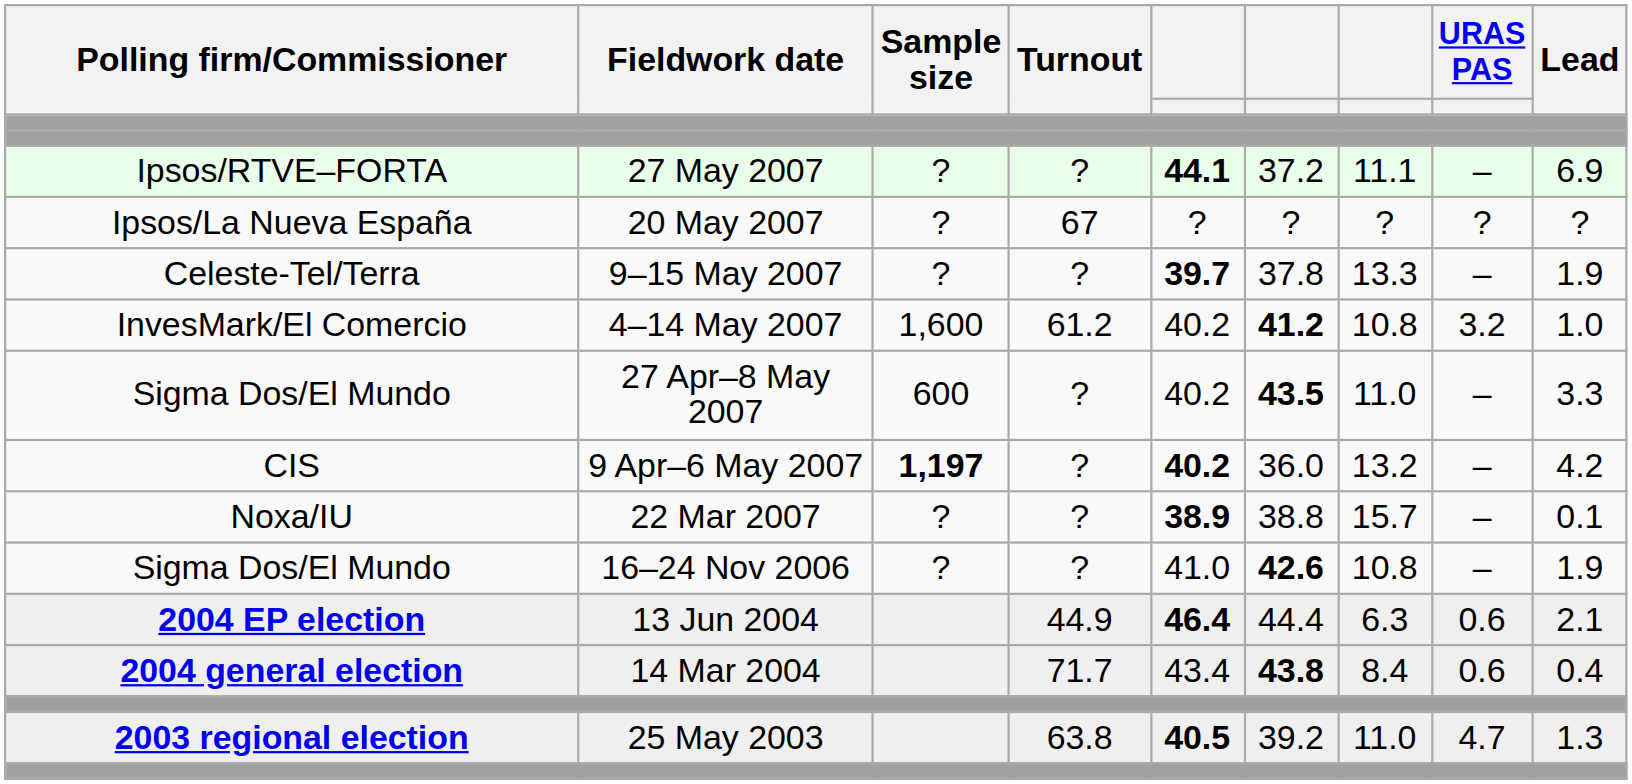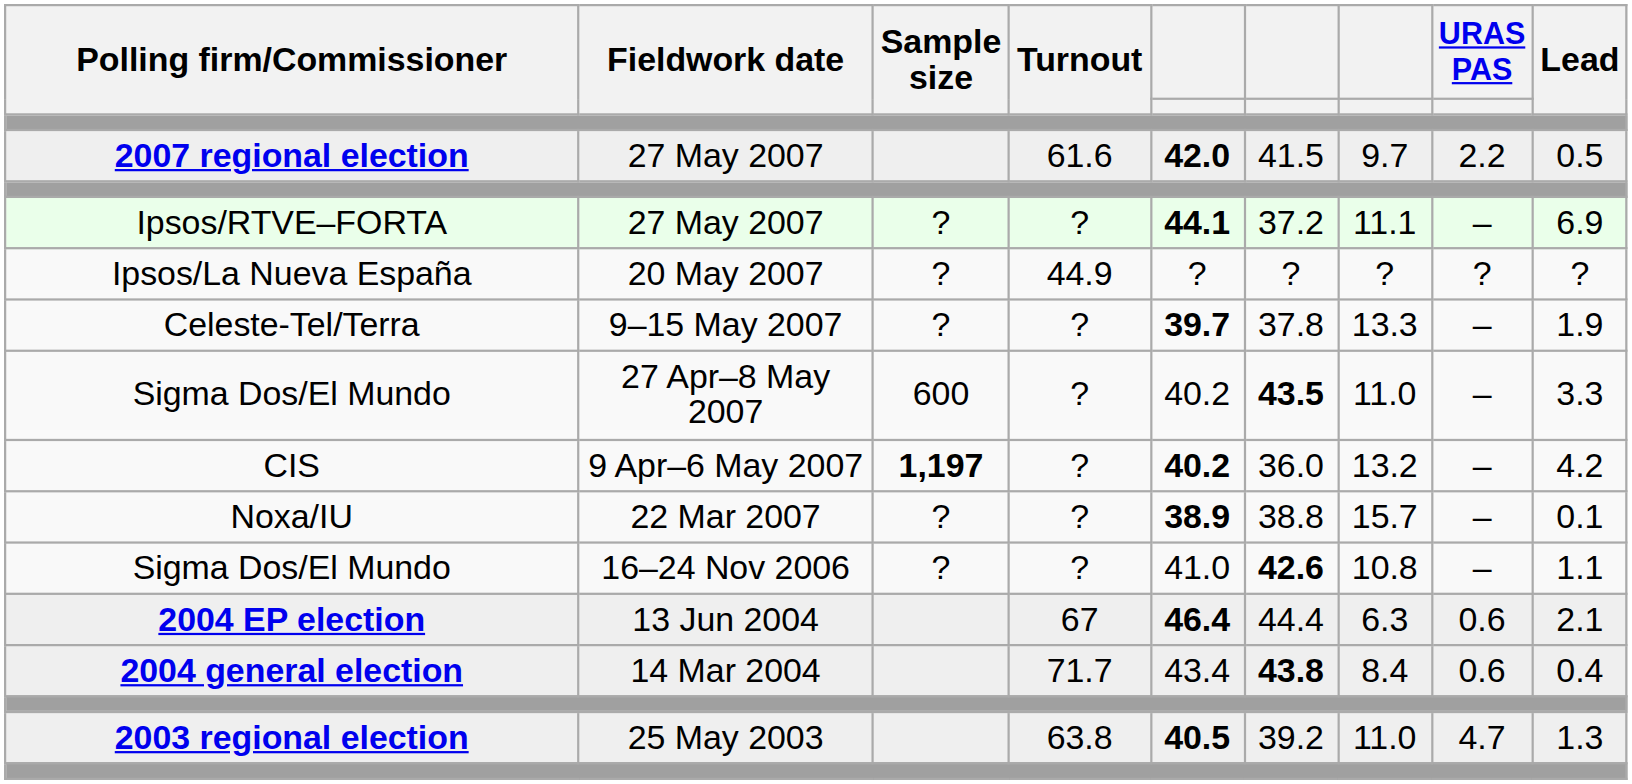 <table class="wikitable collapsible collapsed" style="text-align:center; font-size:95%; line-height:16px;">
 <tr style="height:42px;">
 <th style="width:250px;" rowspan="2">Polling firm/Commissioner</th>
 <th style="width:125px;" rowspan="2">Fieldwork date</th>
 <th style="width:50px;" rowspan="2">Sample size</th>
 <th style="width:45px;" rowspan="2">Turnout</th>
 <th style="width:35px;"></th>
 <th style="width:35px;"></th>
 <th style="width:35px;"></th>
 <th style="width:35px; font-size:90%;"><a href='#'>URAS</a><br><a href='#'>PAS</a></th>
 <th style="width:30px;" rowspan="2">Lead</th>
 </tr>
 <tr>
 <th style="color:inherit;background:"></th>
 <th style="color:inherit;background:"></th>
 <th style="color:inherit;background:"></th>
 <th style="color:inherit;background:"></th>
 </tr>
 <tr>
 <td colspan="9" style="background:#A0A0A0"></td>
 </tr>
+<tr style="background:#EFEFEF;">
+<td><strong><a href='#'>2007 regional election</a></strong></td>
+<td>27 May 2007</td>
+<td></td>
+<td>61.6</td>
+<td><strong>42.0</strong><br></td>
+<td>41.5<br></td>
+<td>9.7<br></td>
+<td>2.2<br></td>
+<td style="background:">0.5</td>
+</tr>
 <tr>
 <td colspan="9" style="background:#A0A0A0"></td>
 </tr>
 <tr style="background:#EAFFEA;">
 <td>Ipsos/RTVE–FORTA</td>
 <td>27 May 2007</td>
 <td>?</td>
 <td>?</td>
 <td><strong>44.1</strong><br></td>
 <td>37.2<br></td>
 <td>11.1<br></td>
 <td>–</td>
 <td style="background:">6.9</td>
 </tr>
 <tr>
 <td>Ipsos/La Nueva España</td>
 <td>20 May 2007</td>
 <td>?</td>
-<td>67</td>
+<td>44.9</td>
 <td>?<br></td>
 <td>?<br></td>
 <td>?<br></td>
 <td>?<br></td>
 <td style="background:">?</td>
 </tr>
 <tr>
 <td>Celeste-Tel/Terra</td>
 <td>9–15 May 2007</td>
 <td>?</td>
 <td>?</td>
 <td><strong>39.7</strong><br></td>
 <td>37.8<br></td>
 <td>13.3<br></td>
 <td>–</td>
 <td style="background:">1.9</td>
-</tr>
-<tr>
-<td>InvesMark/El Comercio</td>
-<td>4–14 May 2007</td>
-<td>1,600</td>
-<td>61.2</td>
-<td>40.2<br></td>
-<td><strong>41.2</strong><br></td>
-<td>10.8<br></td>
-<td>3.2<br></td>
-<td style="background:">1.0</td>
 </tr>
 <tr>
 <td>Sigma Dos/El Mundo</td>
 <td>27 Apr–8 May 2007</td>
 <td>600</td>
 <td>?</td>
 <td>40.2<br></td>
 <td><strong>43.5</strong><br></td>
 <td>11.0<br></td>
 <td>–</td>
 <td style="background:">3.3</td>
 </tr>
 <tr>
 <td>CIS</td>
 <td>9 Apr–6 May 2007</td>
 <td><strong>1,197</strong></td>
 <td>?</td>
 <td><strong>40.2</strong><br></td>
 <td>36.0<br></td>
 <td>13.2<br></td>
 <td>–</td>
 <td style="background:">4.2</td>
 </tr>
 <tr>
 <td>Noxa/IU</td>
 <td>22 Mar 2007</td>
 <td>?</td>
 <td>?</td>
 <td><strong>38.9</strong><br></td>
 <td>38.8<br></td>
 <td>15.7<br></td>
 <td>–</td>
 <td style="background:">0.1</td>
 </tr>
 <tr>
 <td>Sigma Dos/El Mundo</td>
 <td>16–24 Nov 2006</td>
 <td>?</td>
 <td>?</td>
 <td>41.0<br></td>
 <td><strong>42.6</strong><br></td>
 <td>10.8<br></td>
 <td>–</td>
-<td style="background:">1.9</td>
+<td style="background:">1.1</td>
 </tr>
 <tr style="background:#EFEFEF;">
 <td><strong><a href='#'>2004 EP election</a></strong></td>
 <td>13 Jun 2004</td>
 <td></td>
-<td>44.9</td>
+<td>67</td>
 <td><strong>46.4</strong></td>
 <td>44.4</td>
 <td>6.3</td>
 <td>0.6</td>
 <td style="background:">2.1</td>
 </tr>
 <tr style="background:#EFEFEF;">
 <td><strong><a href='#'>2004 general election</a></strong></td>
 <td>14 Mar 2004</td>
 <td></td>
 <td>71.7</td>
 <td>43.4</td>
 <td><strong>43.8</strong></td>
 <td>8.4</td>
 <td>0.6</td>
 <td style="background:">0.4</td>
 </tr>
 <tr>
 <td colspan="9" style="background:#A0A0A0"></td>
 </tr>
 <tr style="background:#EFEFEF;">
 <td><strong><a href='#'>2003 regional election</a></strong></td>
 <td>25 May 2003</td>
 <td></td>
 <td>63.8</td>
 <td><strong>40.5</strong><br></td>
 <td>39.2<br></td>
 <td>11.0<br></td>
 <td>4.7<br></td>
 <td style="background:">1.3</td>
 </tr>
 <tr>
 <td colspan="9" style="background:#A0A0A0"></td>
 </tr>
 </table>
